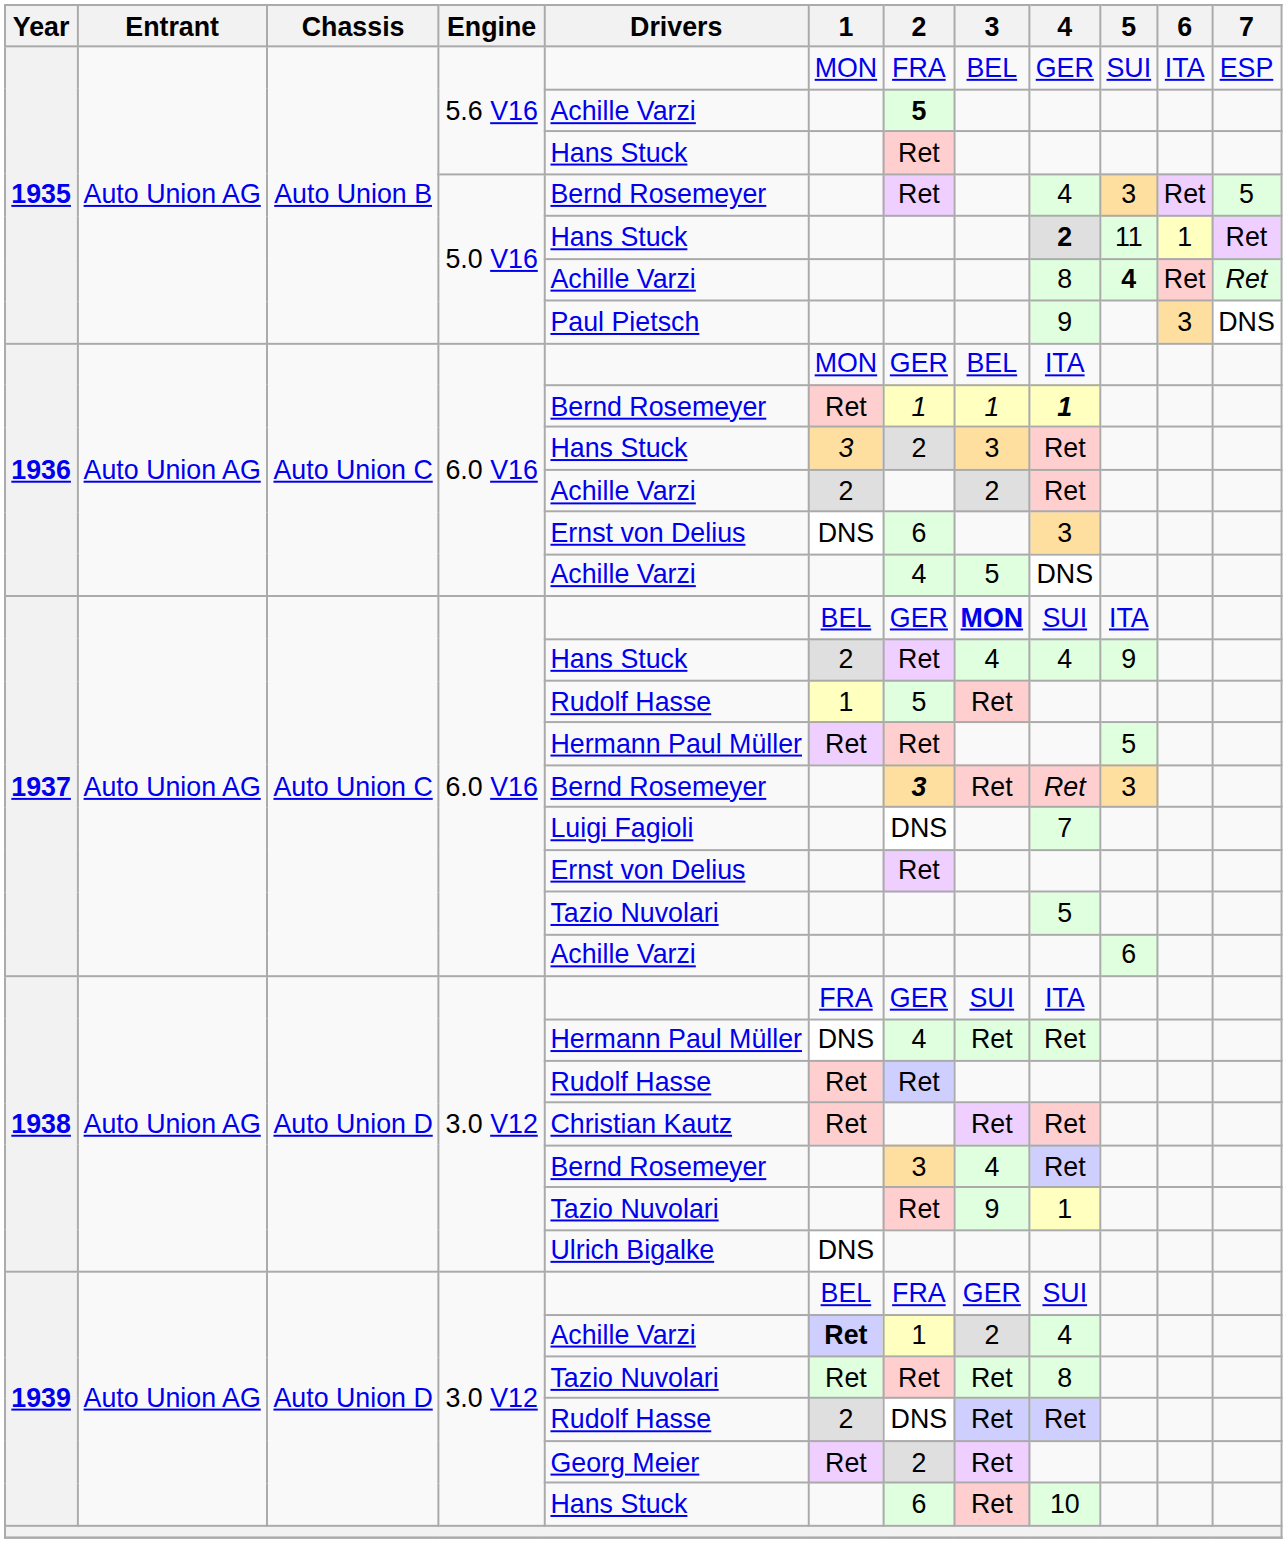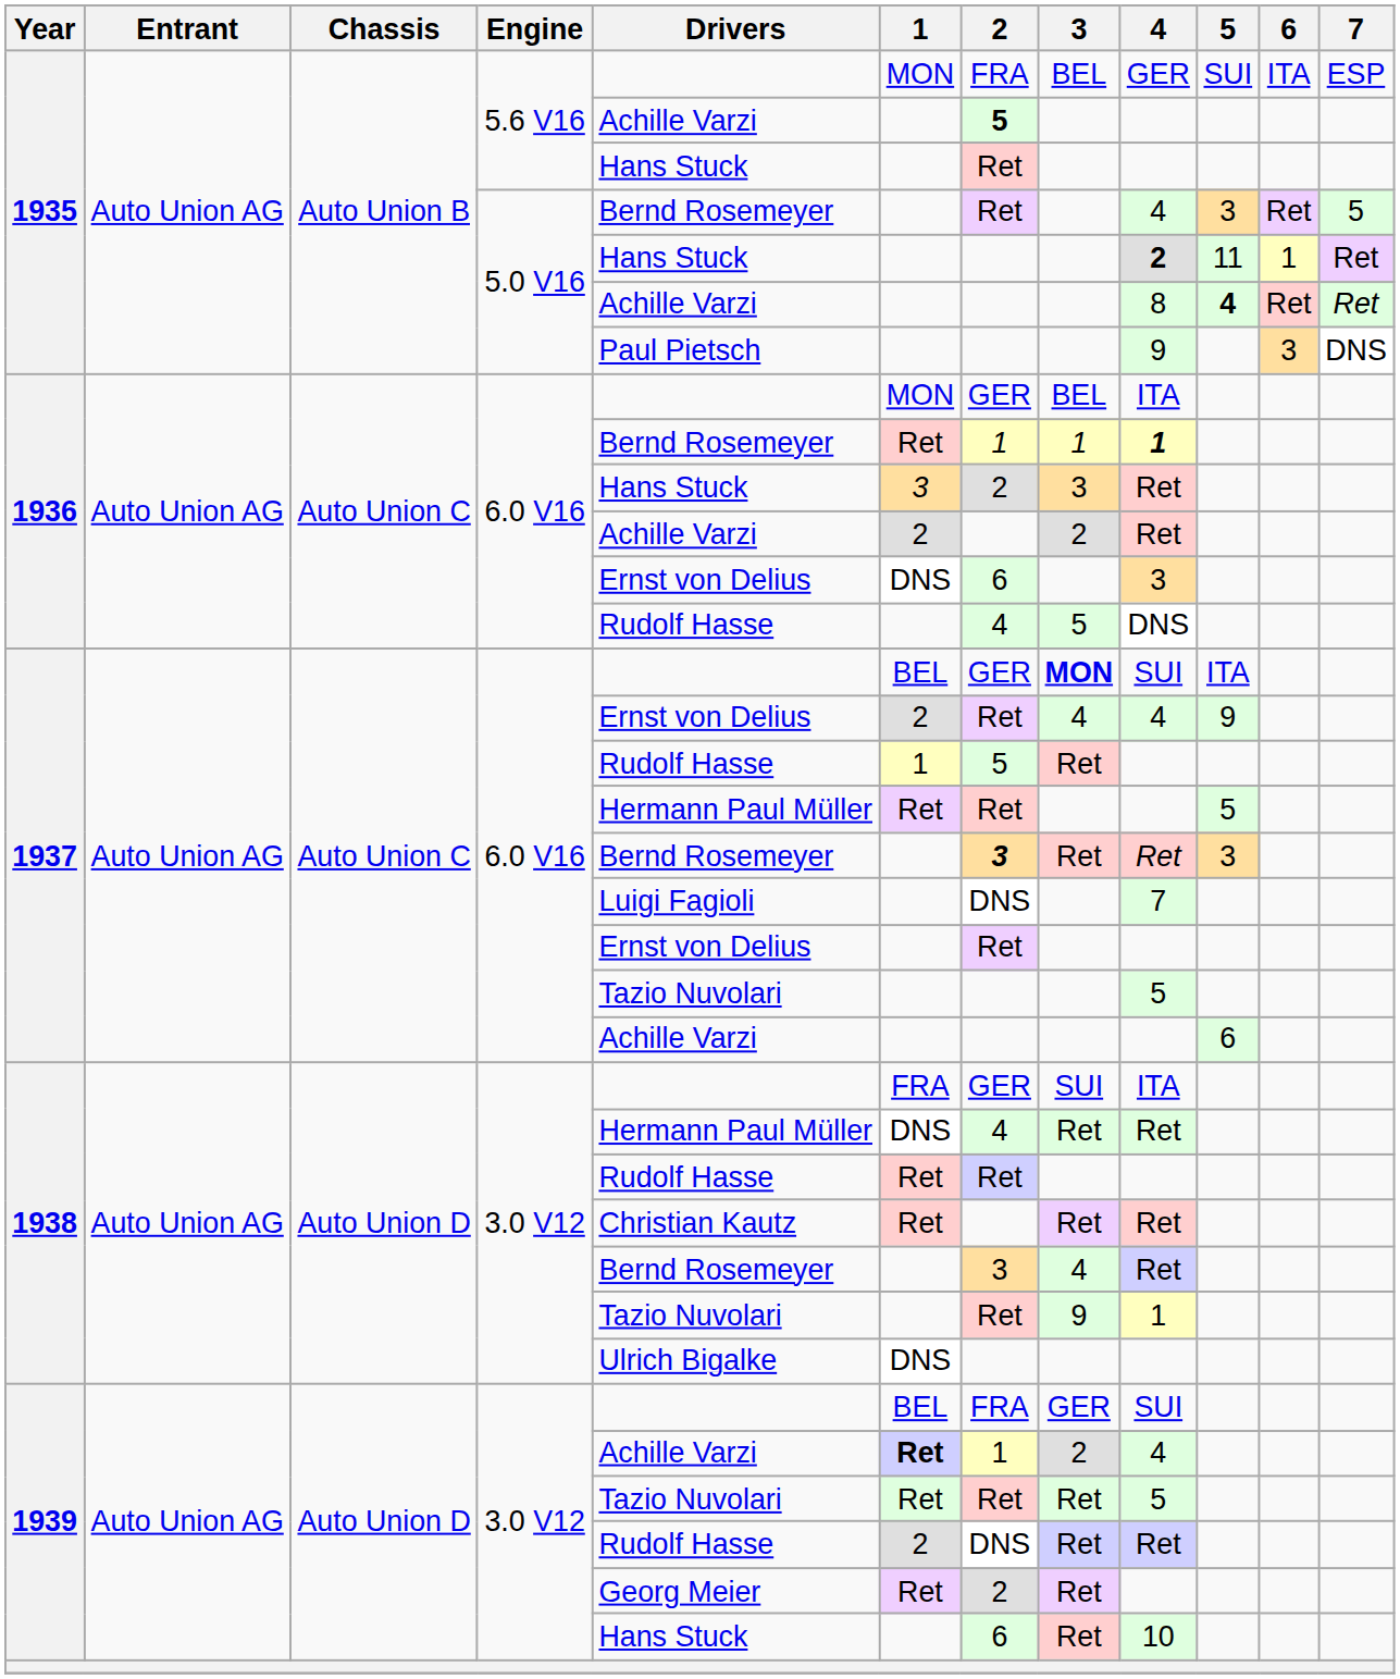 <table class="wikitable" style="text-align:center; font-size:85%">
 <tr>
 <th>Year</th>
 <th>Entrant</th>
 <th>Chassis</th>
 <th>Engine</th>
 <th>Drivers</th>
 <th>1</th>
 <th>2</th>
 <th>3</th>
 <th>4</th>
 <th>5</th>
 <th>6</th>
 <th>7</th>
 </tr>
 <tr>
 <th rowspan="7"><a href='#'>1935</a></th>
 <td rowspan="7"><a href='#'>Auto Union AG</a></td>
 <td rowspan="7"><a href='#'>Auto Union B</a></td>
 <td rowspan="3">5.6 <a href='#'>V16</a></td>
 <td></td>
 <td><a href='#'>MON</a></td>
 <td><a href='#'>FRA</a></td>
 <td><a href='#'>BEL</a></td>
 <td><a href='#'>GER</a></td>
 <td><a href='#'>SUI</a></td>
 <td><a href='#'>ITA</a></td>
 <td><a href='#'>ESP</a></td>
 </tr>
 <tr>
 <td align="left"> <a href='#'>Achille Varzi</a></td>
 <td></td>
 <td style="background:#DFFFDF;"><strong>5</strong></td>
 <td></td>
 <td></td>
 <td></td>
 <td></td>
 <td></td>
 </tr>
 <tr>
 <td align="left"> <a href='#'>Hans Stuck</a></td>
 <td></td>
 <td style="background:#FFCFCF;">Ret</td>
 <td></td>
 <td></td>
 <td></td>
 <td></td>
 <td></td>
 </tr>
 <tr>
 <td rowspan="4">5.0 <a href='#'>V16</a></td>
 <td align="left"> <a href='#'>Bernd Rosemeyer</a></td>
 <td></td>
 <td style="background:#EFCFFF;">Ret</td>
 <td></td>
 <td style="background:#DFFFDF;">4</td>
 <td style="background:#FFDF9F;">3</td>
 <td style="background:#EFCFFF;">Ret</td>
 <td style="background:#DFFFDF;">5</td>
 </tr>
 <tr>
 <td align="left"> <a href='#'>Hans Stuck</a></td>
 <td></td>
 <td></td>
 <td></td>
 <td style="background:#DFDFDF;"><strong>2</strong></td>
 <td style="background:#DFFFDF;">11</td>
 <td style="background:#FFFFBF;">1</td>
 <td style="background:#EFCFFF;">Ret</td>
 </tr>
 <tr>
 <td align="left"> <a href='#'>Achille Varzi</a></td>
 <td></td>
 <td></td>
 <td></td>
 <td style="background:#DFFFDF;">8</td>
 <td style="background:#DFFFDF;"><strong>4</strong></td>
 <td style="background:#FFCFCF;">Ret</td>
 <td style="background:#DFFFDF;"><em>Ret</em></td>
 </tr>
 <tr>
 <td align="left"> <a href='#'>Paul Pietsch</a></td>
 <td></td>
 <td></td>
 <td></td>
 <td style="background:#DFFFDF;">9</td>
 <td></td>
 <td style="background:#FFDF9F;">3</td>
 <td style="background:#FFFFFF;">DNS</td>
 </tr>
 <tr>
 <th rowspan="6"><a href='#'>1936</a></th>
 <td rowspan="6"><a href='#'>Auto Union AG</a></td>
 <td rowspan="6"><a href='#'>Auto Union C</a></td>
 <td rowspan="6">6.0 <a href='#'>V16</a></td>
 <td></td>
 <td><a href='#'>MON</a></td>
 <td><a href='#'>GER</a></td>
 <td><a href='#'>BEL</a></td>
 <td><a href='#'>ITA</a></td>
 <td></td>
 <td></td>
 <td></td>
 </tr>
 <tr>
 <td align="left"> <a href='#'>Bernd Rosemeyer</a></td>
 <td style="background:#FFCFCF;">Ret</td>
 <td style="background:#FFFFBF;"><em>1</em></td>
 <td style="background:#FFFFBF;"><em>1</em></td>
 <td style="background:#FFFFBF;"><strong><em>1</em></strong></td>
 <td></td>
 <td></td>
 <td></td>
 </tr>
 <tr>
 <td align="left"> <a href='#'>Hans Stuck</a></td>
 <td style="background:#FFDF9F;"><em>3</em></td>
 <td style="background:#DFDFDF;">2</td>
 <td style="background:#FFDF9F;">3</td>
 <td style="background:#FFCFCF;">Ret</td>
 <td></td>
 <td></td>
 <td></td>
 </tr>
 <tr>
 <td align="left"> <a href='#'>Achille Varzi</a></td>
 <td style="background:#DFDFDF;">2</td>
 <td></td>
 <td style="background:#DFDFDF;">2</td>
 <td style="background:#FFCFCF;">Ret</td>
 <td></td>
 <td></td>
 <td></td>
 </tr>
 <tr>
 <td align="left"> <a href='#'>Ernst von Delius</a></td>
 <td style="background:#FFFFFF;">DNS</td>
 <td style="background:#DFFFDF;">6</td>
 <td></td>
 <td style="background:#FFDF9F;">3</td>
 <td></td>
 <td></td>
 <td></td>
 </tr>
 <tr>
-<td align="left"> <a href='#'>Achille Varzi</a></td>
+<td align="left"> <a href='#'>Rudolf Hasse</a></td>
 <td></td>
 <td style="background:#DFFFDF;">4</td>
 <td style="background:#DFFFDF;">5</td>
 <td style="background:#FFFFFF;">DNS</td>
 <td></td>
 <td></td>
 <td></td>
 </tr>
 <tr>
 <th rowspan="9"><a href='#'>1937</a></th>
 <td rowspan="9"><a href='#'>Auto Union AG</a></td>
 <td rowspan="9"><a href='#'>Auto Union C</a></td>
 <td rowspan="9">6.0 <a href='#'>V16</a></td>
 <td></td>
 <td><a href='#'>BEL</a></td>
 <td><a href='#'>GER</a></td>
 <td><strong><a href='#'>MON</a></strong></td>
 <td><a href='#'>SUI</a></td>
 <td><a href='#'>ITA</a></td>
 <td></td>
 <td></td>
 </tr>
 <tr>
-<td align="left"> <a href='#'>Hans Stuck</a></td>
+<td align="left"> <a href='#'>Ernst von Delius</a></td>
 <td style="background:#DFDFDF;">2</td>
 <td style="background:#EFCFFF;">Ret</td>
 <td style="background:#DFFFDF;">4</td>
 <td style="background:#DFFFDF;">4</td>
 <td style="background:#DFFFDF;">9</td>
 <td></td>
 <td></td>
 </tr>
 <tr>
 <td align="left"> <a href='#'>Rudolf Hasse</a></td>
 <td style="background:#FFFFBF;">1</td>
 <td style="background:#DFFFDF;">5</td>
 <td style="background:#FFCFCF;">Ret</td>
 <td></td>
 <td></td>
 <td></td>
 <td></td>
 </tr>
 <tr>
 <td align="left"> <a href='#'>Hermann Paul Müller</a></td>
 <td style="background:#EFCFFF;">Ret</td>
 <td style="background:#FFCFCF;">Ret</td>
 <td></td>
 <td></td>
 <td style="background:#DFFFDF;">5</td>
 <td></td>
 <td></td>
 </tr>
 <tr>
 <td align="left"> <a href='#'>Bernd Rosemeyer</a></td>
 <td></td>
 <td style="background:#FFDF9F;"><strong><em>3</em></strong></td>
 <td style="background:#FFCFCF;">Ret</td>
 <td style="background:#FFCFCF;"><em>Ret</em></td>
 <td style="background:#FFDF9F;">3</td>
 <td></td>
 <td></td>
 </tr>
 <tr>
 <td align="left"> <a href='#'>Luigi Fagioli</a></td>
 <td></td>
 <td style="background:#FFFFFF;">DNS</td>
 <td></td>
 <td style="background:#DFFFDF;">7</td>
 <td></td>
 <td></td>
 <td></td>
 </tr>
 <tr>
 <td align="left"> <a href='#'>Ernst von Delius</a></td>
 <td></td>
 <td style="background:#EFCFFF;">Ret</td>
 <td></td>
 <td></td>
 <td></td>
 <td></td>
 <td></td>
 </tr>
 <tr>
 <td align="left"> <a href='#'>Tazio Nuvolari</a></td>
 <td></td>
 <td></td>
 <td></td>
 <td style="background:#DFFFDF;">5</td>
 <td></td>
 <td></td>
 <td></td>
 </tr>
 <tr>
 <td align="left"> <a href='#'>Achille Varzi</a></td>
 <td></td>
 <td></td>
 <td></td>
 <td></td>
 <td style="background:#DFFFDF;">6</td>
 <td></td>
 <td></td>
 </tr>
 <tr>
 <th rowspan="7"><a href='#'>1938</a></th>
 <td rowspan="7"><a href='#'>Auto Union AG</a></td>
 <td rowspan="7"><a href='#'>Auto Union D</a></td>
 <td rowspan="7">3.0 <a href='#'>V12</a></td>
 <td></td>
 <td><a href='#'>FRA</a></td>
 <td><a href='#'>GER</a></td>
 <td><a href='#'>SUI</a></td>
 <td><a href='#'>ITA</a></td>
 <td></td>
 <td></td>
 <td></td>
 </tr>
 <tr>
 <td align="left"> <a href='#'>Hermann Paul Müller</a></td>
 <td style="background:#FFFFFF;">DNS</td>
 <td style="background:#DFFFDF;">4</td>
 <td style="background:#DFFFDF;">Ret</td>
 <td style="background:#DFFFDF;">Ret</td>
 <td></td>
 <td></td>
 <td></td>
 </tr>
 <tr>
 <td align="left"> <a href='#'>Rudolf Hasse</a></td>
 <td style="background:#FFCFCF;">Ret</td>
 <td style="background:#CFCFFF;">Ret</td>
 <td></td>
 <td></td>
 <td></td>
 <td></td>
 <td></td>
 </tr>
 <tr>
 <td align="left"> <a href='#'>Christian Kautz</a></td>
 <td style="background:#FFCFCF;">Ret</td>
 <td></td>
 <td style="background:#EFCFFF;">Ret</td>
 <td style="background:#FFCFCF;">Ret</td>
 <td></td>
 <td></td>
 <td></td>
 </tr>
 <tr>
 <td align="left"> <a href='#'>Bernd Rosemeyer</a></td>
 <td></td>
 <td style="background:#FFDF9F;">3</td>
 <td style="background:#DFFFDF;">4</td>
 <td style="background:#CFCFFF;">Ret</td>
 <td></td>
 <td></td>
 <td></td>
 </tr>
 <tr>
 <td align="left"> <a href='#'>Tazio Nuvolari</a></td>
 <td></td>
 <td style="background:#FFCFCF;">Ret</td>
 <td style="background:#DFFFDF;">9</td>
 <td style="background:#FFFFBF;">1</td>
 <td></td>
 <td></td>
 <td></td>
 </tr>
 <tr>
 <td align="left"> <a href='#'>Ulrich Bigalke</a></td>
 <td style="background:#FFFFFF;">DNS</td>
 <td></td>
 <td></td>
 <td></td>
 <td></td>
 <td></td>
 <td></td>
 </tr>
 <tr>
 <th rowspan="6"><a href='#'>1939</a></th>
 <td rowspan="6"><a href='#'>Auto Union AG</a></td>
 <td rowspan="6"><a href='#'>Auto Union D</a></td>
 <td rowspan="6">3.0 <a href='#'>V12</a></td>
 <td></td>
 <td><a href='#'>BEL</a></td>
 <td><a href='#'>FRA</a></td>
 <td><a href='#'>GER</a></td>
 <td><a href='#'>SUI</a></td>
 <td></td>
 <td></td>
 <td></td>
 </tr>
 <tr>
 <td align="left"> <a href='#'>Achille Varzi</a></td>
 <td style="background:#CFCFFF;"><strong>Ret</strong></td>
 <td style="background:#FFFFBF;">1</td>
 <td style="background:#DFDFDF;">2</td>
 <td style="background:#DFFFDF;">4</td>
 <td></td>
 <td></td>
 <td></td>
 </tr>
 <tr>
 <td align="left"> <a href='#'>Tazio Nuvolari</a></td>
 <td style="background:#DFFFDF;">Ret</td>
 <td style="background:#FFCFCF;">Ret</td>
 <td style="background:#DFFFDF;">Ret</td>
-<td style="background:#DFFFDF;">8</td>
+<td style="background:#DFFFDF;">5</td>
 <td></td>
 <td></td>
 <td></td>
 </tr>
 <tr>
 <td align="left"> <a href='#'>Rudolf Hasse</a></td>
 <td style="background:#DFDFDF;">2</td>
 <td style="background:#FFFFFF;">DNS</td>
 <td style="background:#CFCFFF;">Ret</td>
 <td style="background:#CFCFFF;">Ret</td>
 <td></td>
 <td></td>
 <td></td>
 </tr>
 <tr>
 <td align="left"> <a href='#'>Georg Meier</a></td>
 <td style="background:#EFCFFF;">Ret</td>
 <td style="background:#DFDFDF;">2</td>
 <td style="background:#EFCFFF;">Ret</td>
 <td></td>
 <td></td>
 <td></td>
 <td></td>
 </tr>
 <tr>
 <td align="left"> <a href='#'>Hans Stuck</a></td>
 <td></td>
 <td style="background:#DFFFDF;">6</td>
 <td style="background:#FFCFCF;">Ret</td>
 <td style="background:#DFFFDF;">10</td>
 <td></td>
 <td></td>
 <td></td>
 </tr>
 <tr>
 <th colspan="12"></th>
 </tr>
 <tr>
 </tr>
 </table>
